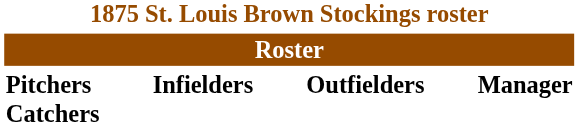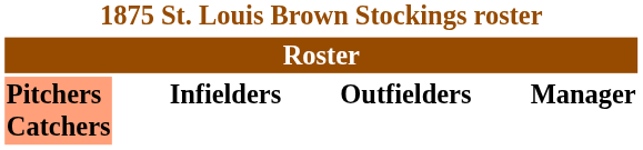 <table class="toccolours" style="font-size: 95%;">
 <tr>
 <th colspan="10" style="background-color: C4C3D0; color: #964B00; text-align: center;">1875 St. Louis Brown Stockings roster</th>
 </tr>
 <tr>
 <td colspan="10" style="background-color: #964B00; color: white; text-align: center;"><strong>Roster</strong></td>
 </tr>
 <tr>
-<td valign="top"><strong>Pitchers</strong><br>   <strong>Catchers</strong>  </td>
+<td valign="top" style="background: lightsalmon;"><strong>Pitchers</strong><br>   <strong>Catchers</strong>  </td>
 <td width="25px"></td>
 <td valign="top"><strong>Infielders</strong><br>   </td>
 <td width="25px"></td>
 <td valign="top"><strong>Outfielders</strong><br>   </td>
 <td width="25px"></td>
 <td valign="top"><strong>Manager</strong><br></td>
 </tr>
 <tr>
 </tr>
 </table>
